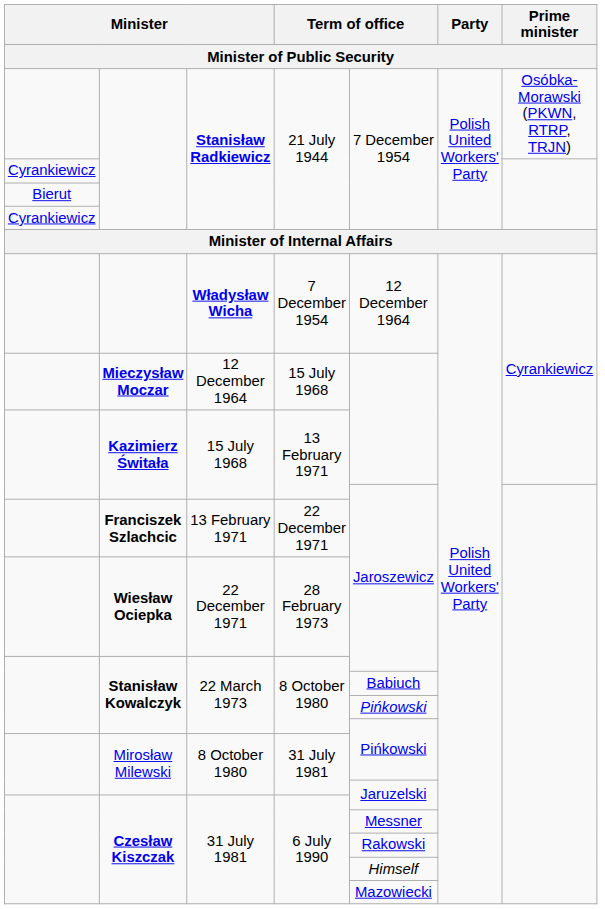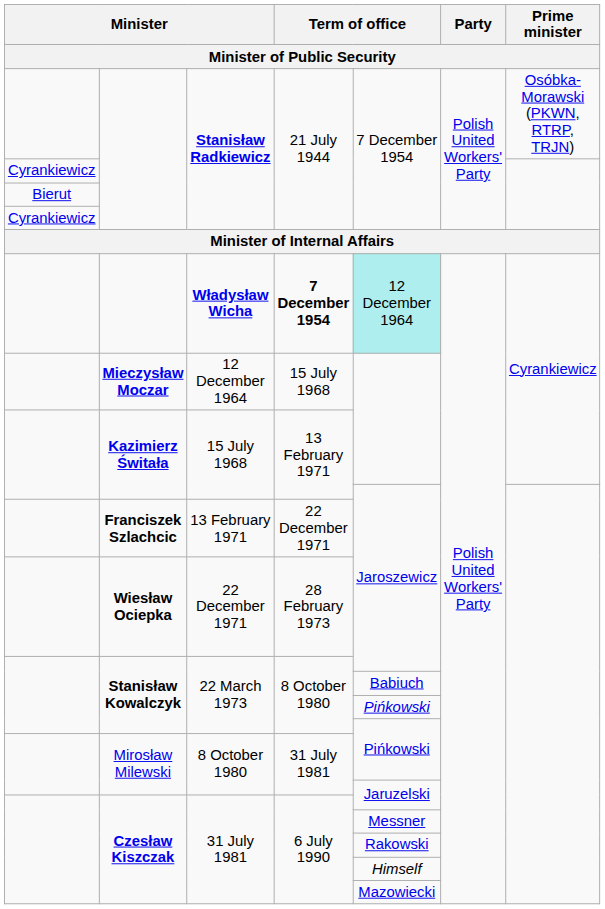 <table class="wikitable plainrowheaders" style="text-align:center;">
 <tr>
 <th colspan=3>Minister</th>
 <th colspan=2>Term of office</th>
 <th>Party</th>
 <th>Prime minister</th>
 </tr>
 <tr style="height:1em">
 <th colspan=7>Minister of Public Security</th>
 </tr>
 <tr style="height:1em">
 <td></td>
 <td rowspan="4"></td>
 <td rowspan="4"><strong><a href='#'>Stanisław Radkiewicz</a></strong><br></td>
 <td rowspan="4">21 July 1944</td>
 <td rowspan="4">7 December 1954</td>
 <td rowspan="4"><a href='#'>Polish United<br>Workers' Party</a></td>
 <td><a href='#'>Osóbka-Morawski</a><br>(<a href='#'>PKWN</a>, <a href='#'>RTRP</a>, <a href='#'>TRJN</a>)</td>
 </tr>
 <tr style="height:1em">
 <td><a href='#'>Cyrankiewicz</a></td>
 </tr>
 <tr style="height:1em">
 <td><a href='#'>Bierut</a></td>
 </tr>
 <tr style="height:1em">
 <td><a href='#'>Cyrankiewicz</a></td>
 </tr>
 <tr style="height:1em">
 <th colspan=7>Minister of Internal Affairs</th>
 </tr>
 <tr style="height:1em">
 <td></td>
 <td style="height:100px; width:75px;"></td>
 <td><strong><a href='#'>Władysław Wicha</a></strong><br></td>
-<td>7 December 1954</td>
-<td>12 December 1964</td>
+<td><strong>7 December 1954</strong></td>
+<td style="background: paleturquoise;">12 December 1964</td>
 <td rowspan="17"><a href='#'>Polish United<br>Workers' Party</a></td>
 <td rowspan="3"><a href='#'>Cyrankiewicz</a></td>
 </tr>
 <tr style="height:1em">
 <td></td>
 <td><strong><a href='#'>Mieczysław Moczar</a></strong><br></td>
 <td>12 December 1964</td>
 <td>15 July 1968</td>
 </tr>
 <tr style="height:80px">
 <td rowspan="2"></td>
 <td rowspan="2"><strong><a href='#'>Kazimierz Świtała</a></strong><br></td>
 <td rowspan="2">15 July 1968</td>
 <td rowspan="2">13 February 1971</td>
 </tr>
 <tr style="height:1em">
 <td rowspan="4"><a href='#'>Jaroszewicz</a></td>
 </tr>
 <tr style="height:1em">
 <td></td>
 <td><strong>Franciszek Szlachcic</strong><br></td>
 <td>13 February 1971</td>
 <td>22 December 1971</td>
 </tr>
 <tr style="height:1em">
 <td style="height:100px; width:75px;"></td>
 <td><strong>Wiesław Ociepka</strong><br></td>
 <td>22 December 1971</td>
 <td>28 February 1973</td>
 </tr>
 <tr style="height:1em">
 <td rowspan="4"></td>
 <td rowspan="4"><strong>Stanisław Kowalczyk</strong><br></td>
 <td rowspan="4">22 March 1973</td>
 <td rowspan="4">8 October 1980</td>
 </tr>
 <tr style="height:1em">
 <td><a href='#'>Babiuch</a></td>
 </tr>
 <tr style="height:1em">
 <td><a href='#'><em>Pińkowski</em></a><br></td>
 </tr>
 <tr style="height:1em">
 <td rowspan="2"><a href='#'>Pińkowski</a></td>
 </tr>
 <tr style="height:50px">
 <td rowspan="2"></td>
 <td rowspan="2"><a href='#'>Mirosław Milewski</a><br></td>
 <td rowspan="2">8 October 1980</td>
 <td rowspan="2">31 July 1981</td>
 </tr>
 <tr style="height:1em">
 <td rowspan="2"><a href='#'>Jaruzelski</a></td>
 </tr>
 <tr style="height:1em">
 <td rowspan="5"></td>
 <td rowspan="5"><strong><a href='#'>Czesław Kiszczak</a></strong><br></td>
 <td rowspan="5">31 July 1981</td>
 <td rowspan="5">6 July 1990</td>
 </tr>
 <tr style="height:1em">
 <td><a href='#'>Messner</a></td>
 </tr>
 <tr style="height:1em">
 <td><a href='#'>Rakowski</a></td>
 </tr>
 <tr style="height:1em">
 <td><em>Himself</em></td>
 </tr>
 <tr style="height:1em">
 <td><a href='#'>Mazowiecki</a></td>
 </tr>
 </table>
